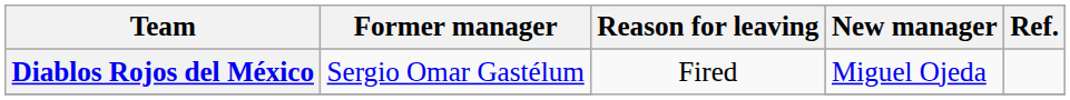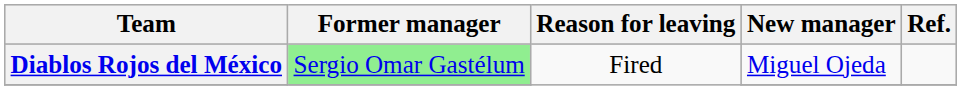 <table class="wikitable plainrowheaders" style="text-align:center;">
 <tr>
 <th scope="col">Team</th>
 <th scope="col">Former manager</th>
 <th scope="col">Reason for leaving</th>
 <th scope="col">New manager</th>
 <th scope="col">Ref.</th>
 </tr>
 <tr>
 <th scope="row"><a href='#'>Diablos Rojos del México</a></th>
-<td align=left> <a href='#'>Sergio Omar Gastélum</a></td>
+<td align=left style="background: lightgreen;"> <a href='#'>Sergio Omar Gastélum</a></td>
 <td rowspan=6 style="text-align:center;">Fired</td>
 <td align=left> <a href='#'>Miguel Ojeda</a></td>
 <td></td>
 </tr>
 <tr>
 </tr>
 </table>
